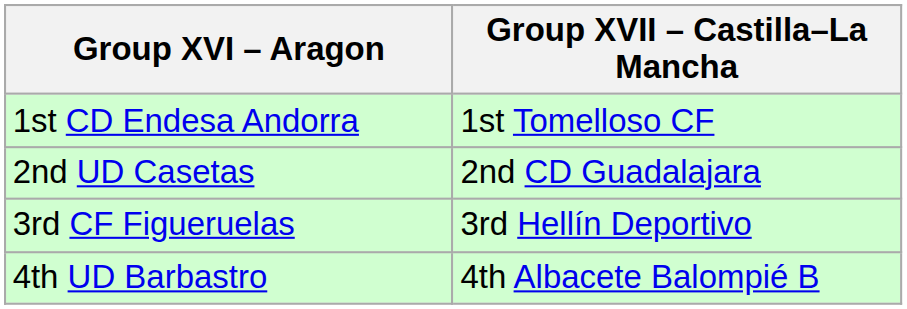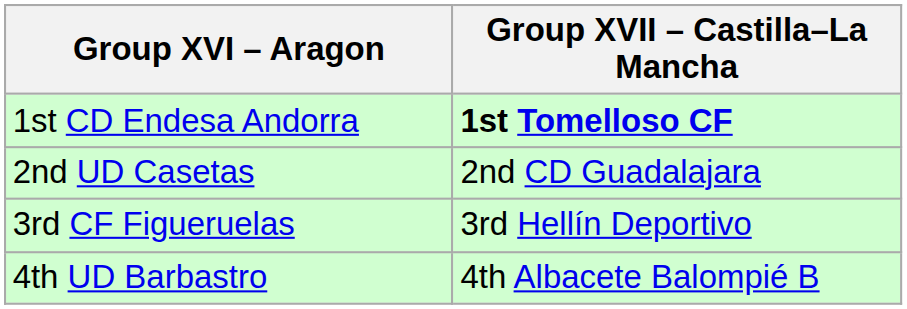 <table class="wikitable">
 <tr>
 <th width=210>Group XVI – Aragon </th>
 <th width=210>Group XVII – Castilla–La Mancha </th>
 </tr>
 <tr style="background:#D0FFD0;">
 <td>1st <a href='#'>CD Endesa Andorra</a></td>
-<td>1st <a href='#'>Tomelloso CF</a></td>
+<td><strong>1st <a href='#'>Tomelloso CF</a></strong></td>
 </tr>
 <tr style="background:#D0FFD0;">
 <td>2nd <a href='#'>UD Casetas</a></td>
 <td>2nd <a href='#'>CD Guadalajara</a></td>
 </tr>
 <tr style="background:#D0FFD0;">
 <td>3rd <a href='#'>CF Figueruelas</a></td>
 <td>3rd <a href='#'>Hellín Deportivo</a></td>
 </tr>
 <tr style="background:#D0FFD0;">
 <td>4th <a href='#'>UD Barbastro</a></td>
 <td>4th <a href='#'>Albacete Balompié B</a></td>
 </tr>
 </table>
